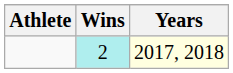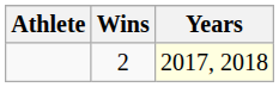 <table class="wikitable">
 <tr>
 </tr>
 <tr>
 <th>Athlete</th>
 <th>Wins</th>
 <th>Years</th>
 </tr>
 <tr>
 <td></td>
-<td align=center style="background: paleturquoise;">2</td>
+<td align=center>2</td>
 <td style="background: lightyellow;">2017, 2018</td>
 </tr>
 </table>
